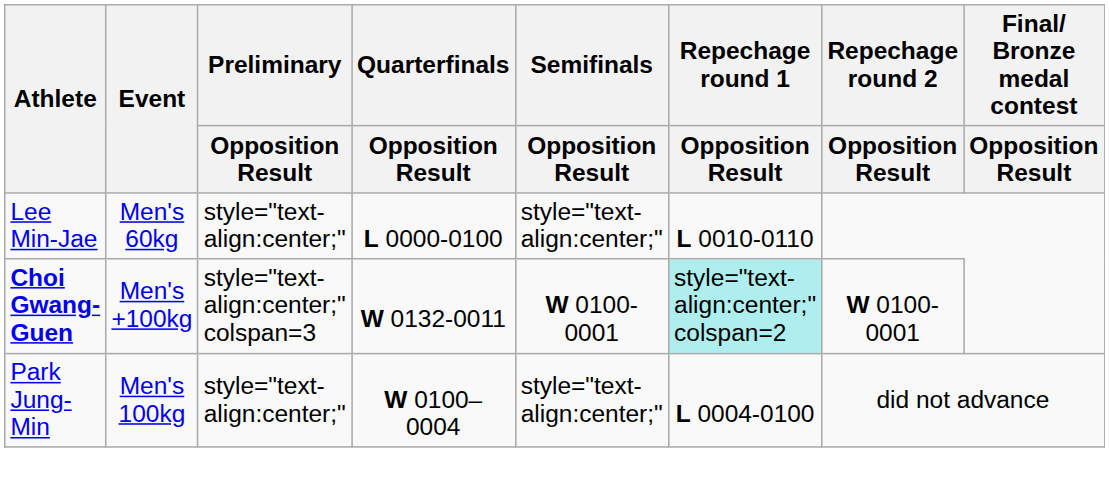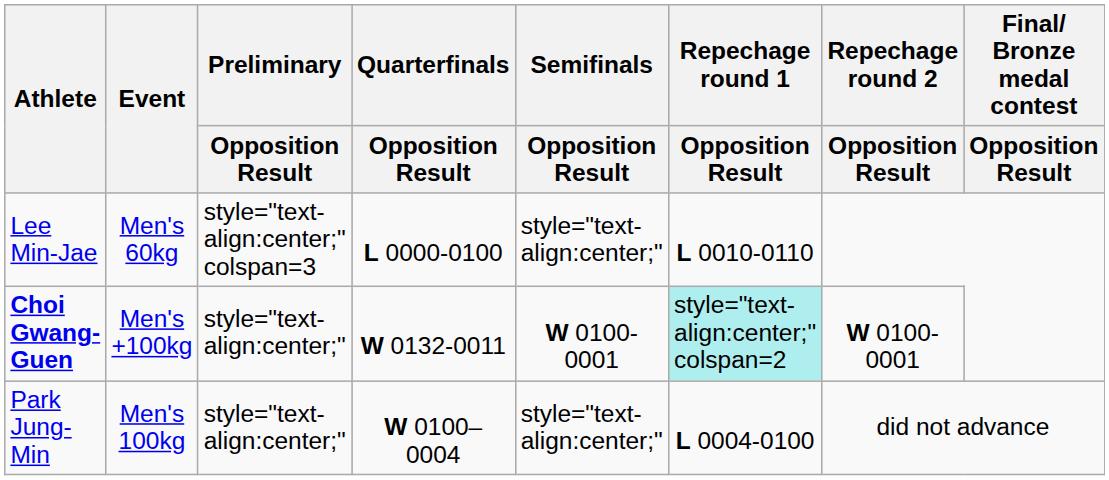 <table class= wikitable>
 <tr>
 <th rowspan="2">Athlete</th>
 <th rowspan="2">Event</th>
 <th>Preliminary</th>
 <th>Quarterfinals</th>
 <th>Semifinals</th>
 <th>Repechage <br>round 1</th>
 <th>Repechage <br>round 2</th>
 <th>Final/<br>Bronze medal contest</th>
 </tr>
 <tr>
 <th>Opposition<br>Result</th>
 <th>Opposition<br>Result</th>
 <th>Opposition<br>Result</th>
 <th>Opposition<br>Result</th>
 <th>Opposition<br>Result</th>
 <th>Opposition<br>Result</th>
 </tr>
 <tr>
 <td><a href='#'>Lee Min-Jae</a></td>
 <td style="text-align:center;"><a href='#'>Men's 60kg</a></td>
-<td>style="text-align:center;" </td>
+<td>style="text-align:center;" colspan=3 </td>
 <td style="text-align:center;"><br><strong>L</strong> 0000-0100</td>
 <td>style="text-align:center;" </td>
 <td style="text-align:center;"><br> <strong>L</strong> 0010-0110</td>
 </tr>
 <tr>
 <td><strong><a href='#'>Choi Gwang-Guen</a></strong></td>
 <td style="text-align:center;"><a href='#'>Men's +100kg</a></td>
-<td>style="text-align:center;" colspan=3 </td>
+<td>style="text-align:center;" </td>
 <td style="text-align:center;"><br><strong>W</strong> 0132-0011</td>
 <td style="text-align:center;"><br> <strong>W</strong> 0100-0001</td>
 <td style="background: paleturquoise;">style="text-align:center;" colspan=2 </td>
 <td style="text-align:center;"><br><strong>W</strong> 0100-0001 </td>
 </tr>
 <tr>
 <td><a href='#'>Park Jung-Min</a></td>
 <td style="text-align:center;"><a href='#'>Men's 100kg</a></td>
 <td>style="text-align:center;" </td>
 <td style="text-align:center;"><br> <strong>W</strong> 0100–0004</td>
 <td>style="text-align:center;" </td>
 <td style="text-align:center;"><br><strong>L</strong> 0004-0100</td>
 <td style="text-align:center;" colspan=2>did not advance</td>
 </tr>
 </table>
